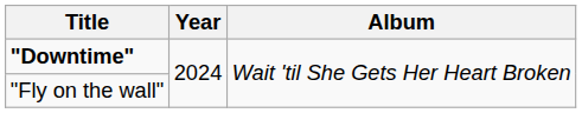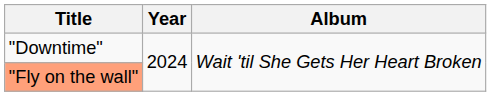 <table class="wikitable">
 <tr>
 <th>Title</th>
 <th>Year</th>
 <th>Album</th>
 </tr>
 <tr>
-<td><strong>"Downtime"</strong></td>
+<td>"Downtime"</td>
 <td rowspan="2">2024</td>
 <td rowspan="2"><em>Wait 'til She Gets Her Heart Broken</em></td>
 </tr>
 <tr>
-<td>"Fly on the wall"</td>
+<td style="background: lightsalmon;">"Fly on the wall"</td>
 </tr>
 </table>
